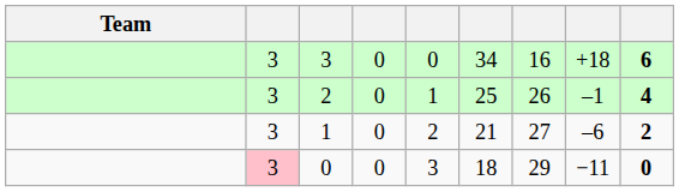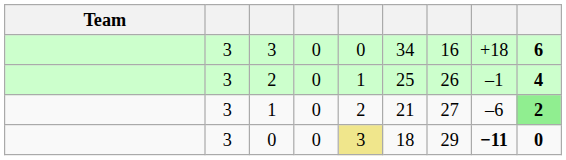 <table class="wikitable" style="text-align:center;font-size:95%">
 <tr>
 <th width=160>Team</th>
 <th width=30></th>
 <th width=30></th>
 <th width=30></th>
 <th width=30></th>
 <th width=30></th>
 <th width=30></th>
 <th width=30></th>
 <th width=30></th>
 </tr>
 <tr bgcolor=ccffcc>
 <td align="left"></td>
 <td>3</td>
 <td>3</td>
 <td>0</td>
 <td>0</td>
 <td>34</td>
 <td>16</td>
 <td>+18</td>
 <td><strong>6</strong></td>
 </tr>
 <tr bgcolor=ccffcc>
 <td align="left"></td>
 <td>3</td>
 <td>2</td>
 <td>0</td>
 <td>1</td>
 <td>25</td>
 <td>26</td>
 <td>–1</td>
 <td><strong>4</strong></td>
 </tr>
 <tr>
 <td align="left"></td>
 <td>3</td>
 <td>1</td>
 <td>0</td>
 <td>2</td>
 <td>21</td>
 <td>27</td>
 <td>–6</td>
-<td><strong>2</strong></td>
+<td style="background: lightgreen;"><strong>2</strong></td>
 </tr>
 <tr>
 <td align="left"></td>
-<td style="background: pink;">3</td>
+<td>3</td>
 <td>0</td>
 <td>0</td>
-<td>3</td>
+<td style="background: khaki;">3</td>
 <td>18</td>
 <td>29</td>
-<td>−11</td>
+<td><strong>−11</strong></td>
 <td><strong>0</strong></td>
 </tr>
 </table>
